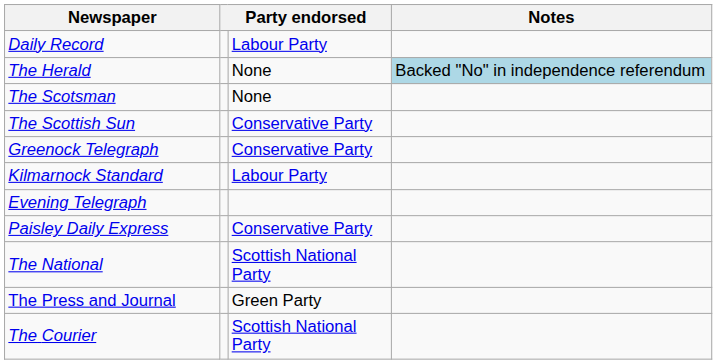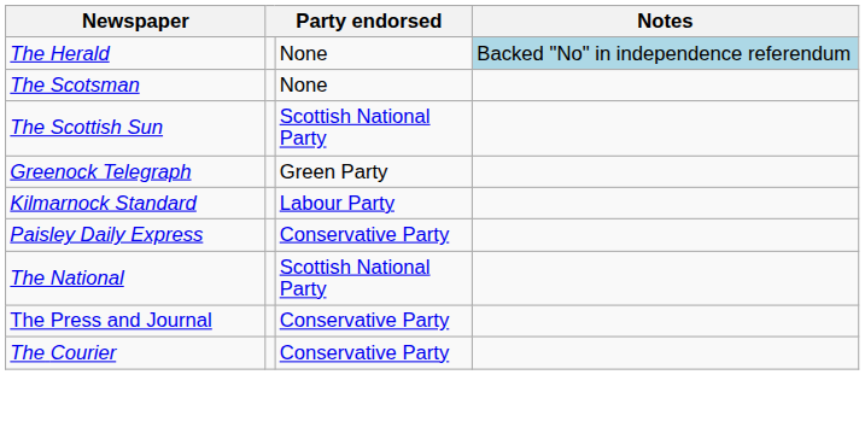 <table class="wikitable">
 <tr>
 <th width=200px>Newspaper</th>
 <th colspan=2>Party endorsed</th>
 <th width=300px>Notes</th>
-</tr>
-<tr>
-<td><em><a href='#'>Daily Record</a></em></td>
-<td style="background-color: "></td>
-<td width=150px><a href='#'>Labour Party</a></td>
-<td></td>
 </tr>
 <tr>
 <td><em><a href='#'>The Herald</a></em></td>
 <td style="background-color: "></td>
 <td>None</td>
 <td style="background: lightblue;">Backed "No" in independence referendum</td>
 </tr>
 <tr>
 <td><em><a href='#'>The Scotsman</a></em></td>
 <td style="background-color: "></td>
 <td>None</td>
 <td></td>
 </tr>
 <tr>
 <td><em><a href='#'>The Scottish Sun</a></em></td>
 <td style="background-color: "></td>
-<td><a href='#'>Conservative Party</a></td>
+<td width=150px><a href='#'>Scottish National Party</a></td>
 <td></td>
 </tr>
 <tr>
 <td><em><a href='#'>Greenock Telegraph</a></em></td>
 <td></td>
-<td><a href='#'>Conservative Party</a></td>
+<td>Green Party</td>
 <td></td>
 </tr>
 <tr>
 <td><em><a href='#'>Kilmarnock Standard</a></em></td>
 <td></td>
 <td><a href='#'>Labour Party</a></td>
-<td></td>
-</tr>
-<tr>
-<td><a href='#'><em>Evening Telegraph</em></a></td>
-<td></td>
-<td></td>
 <td></td>
 </tr>
 <tr>
 <td><em><a href='#'>Paisley Daily Express</a></em></td>
 <td></td>
 <td><a href='#'>Conservative Party</a></td>
 <td></td>
 </tr>
 <tr>
 <td><a href='#'><em>The National</em></a></td>
 <td></td>
 <td><a href='#'>Scottish National Party</a></td>
 <td></td>
 </tr>
 <tr>
 <td><a href='#'>The Press and Journal</a></td>
 <td></td>
-<td>Green Party</td>
+<td><a href='#'>Conservative Party</a></td>
 <td></td>
 </tr>
 <tr>
 <td><a href='#'><em>The</em> <em>Courier</em></a></td>
 <td></td>
-<td width=150px><a href='#'>Scottish National Party</a></td>
+<td><a href='#'>Conservative Party</a></td>
 <td></td>
 </tr>
 </table>
